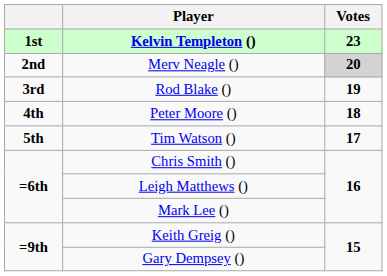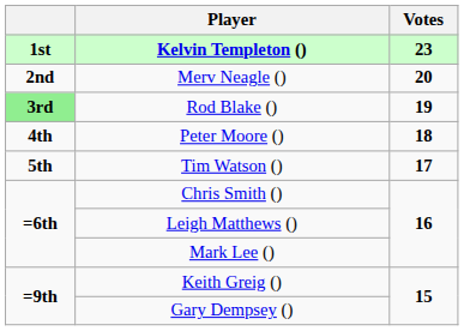 <table class="wikitable" style="text-align: center; font-size: 90%;">
 <tr>
 <th width="50"></th>
 <th width="250">Player</th>
 <th width="50">Votes</th>
 </tr>
 <tr style="background: #CCFFCC; font-weight: bold;">
 <td><strong>1st</strong></td>
 <td><a href='#'>Kelvin Templeton</a> ()</td>
 <td>23</td>
 </tr>
 <tr>
 <td><strong>2nd</strong></td>
 <td><a href='#'>Merv Neagle</a> ()</td>
-<td style="background: lightgrey;"><strong>20</strong></td>
+<td><strong>20</strong></td>
 </tr>
 <tr>
-<td><strong>3rd</strong></td>
+<td style="background: lightgreen;"><strong>3rd</strong></td>
 <td><a href='#'>Rod Blake</a> ()</td>
 <td><strong>19</strong></td>
 </tr>
 <tr>
 <td><strong>4th</strong></td>
 <td><a href='#'>Peter Moore</a> ()</td>
 <td><strong>18</strong></td>
 </tr>
 <tr>
 <td><strong>5th</strong></td>
 <td><a href='#'>Tim Watson</a> ()</td>
 <td><strong>17</strong></td>
 </tr>
 <tr>
 <td rowspan=3><strong>=6th</strong></td>
 <td><a href='#'>Chris Smith</a> ()</td>
 <td rowspan=3><strong>16</strong></td>
 </tr>
 <tr>
 <td><a href='#'>Leigh Matthews</a> ()</td>
 </tr>
 <tr>
 <td><a href='#'>Mark Lee</a> ()</td>
 </tr>
 <tr>
 <td rowspan=2><strong>=9th</strong></td>
 <td><a href='#'>Keith Greig</a> ()</td>
 <td rowspan=2><strong>15</strong></td>
 </tr>
 <tr>
 <td><a href='#'>Gary Dempsey</a> ()</td>
 </tr>
 </table>
